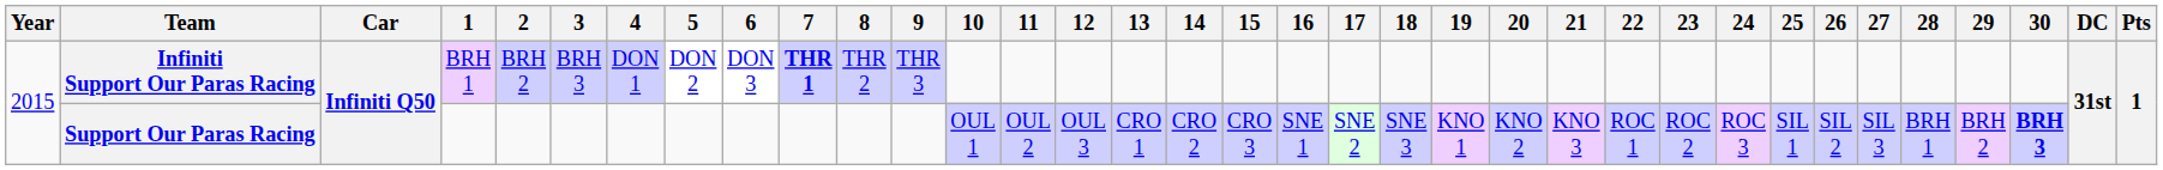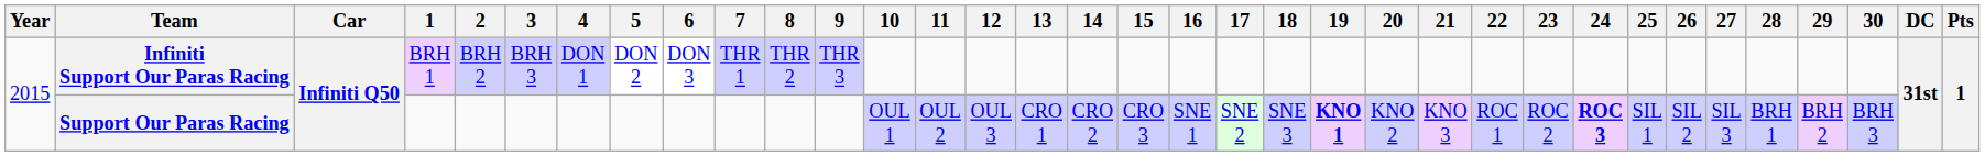 <table class="wikitable" style="text-align:center; font-size:85%">
 <tr>
 <th>Year</th>
 <th>Team</th>
 <th>Car</th>
 <th>1</th>
 <th>2</th>
 <th>3</th>
 <th>4</th>
 <th>5</th>
 <th>6</th>
 <th>7</th>
 <th>8</th>
 <th>9</th>
 <th>10</th>
 <th>11</th>
 <th>12</th>
 <th>13</th>
 <th>14</th>
 <th>15</th>
 <th>16</th>
 <th>17</th>
 <th>18</th>
 <th>19</th>
 <th>20</th>
 <th>21</th>
 <th>22</th>
 <th>23</th>
 <th>24</th>
 <th>25</th>
 <th>26</th>
 <th>27</th>
 <th>28</th>
 <th>29</th>
 <th>30</th>
 <th>DC</th>
 <th>Pts</th>
 </tr>
 <tr>
 <td rowspan=2><a href='#'>2015</a></td>
 <th nowrap><a href='#'>Infiniti<br>Support Our Paras Racing</a></th>
 <th rowspan=2 nowrap><a href='#'>Infiniti Q50</a></th>
 <td style="background:#EFCFFF;"><a href='#'>BRH<br>1</a><br></td>
 <td style="background:#CFCFFF;"><a href='#'>BRH<br>2</a><br></td>
 <td style="background:#CFCFFF;"><a href='#'>BRH<br>3</a><br></td>
 <td style="background:#CFCFFF;"><a href='#'>DON<br>1</a><br></td>
 <td style="background:#FFFFFF;"><a href='#'>DON<br>2</a><br></td>
 <td style="background:#FFFFFF;"><a href='#'>DON<br>3</a><br></td>
-<td style="background:#CFCFFF;"><strong><a href='#'>THR<br>1</a><br></strong></td>
+<td style="background:#CFCFFF;"><a href='#'>THR<br>1</a><br></td>
 <td style="background:#CFCFFF;"><a href='#'>THR<br>2</a><br></td>
 <td style="background:#CFCFFF;"><a href='#'>THR<br>3</a><br></td>
 <td></td>
 <td></td>
 <td></td>
 <td></td>
 <td></td>
 <td></td>
 <td></td>
 <td></td>
 <td></td>
 <td></td>
 <td></td>
 <td></td>
 <td></td>
 <td></td>
 <td></td>
 <td></td>
 <td></td>
 <td></td>
 <td></td>
 <td></td>
 <td></td>
 <th rowspan=2>31st</th>
 <th rowspan=2>1</th>
 </tr>
 <tr>
 <th nowrap><a href='#'>Support Our Paras Racing</a></th>
 <td></td>
 <td></td>
 <td></td>
 <td></td>
 <td></td>
 <td></td>
 <td></td>
 <td></td>
 <td></td>
 <td style="background:#CFCFFF;"><a href='#'>OUL<br>1</a><br></td>
 <td style="background:#CFCFFF;"><a href='#'>OUL<br>2</a><br></td>
 <td style="background:#CFCFFF;"><a href='#'>OUL<br>3</a><br></td>
 <td style="background:#CFCFFF;"><a href='#'>CRO<br>1</a><br></td>
 <td style="background:#CFCFFF;"><a href='#'>CRO<br>2</a><br></td>
 <td style="background:#CFCFFF;"><a href='#'>CRO<br>3</a><br></td>
 <td style="background:#CFCFFF;"><a href='#'>SNE<br>1</a><br></td>
 <td style="background:#DFFFDF;"><a href='#'>SNE<br>2</a><br></td>
 <td style="background:#CFCFFF;"><a href='#'>SNE<br>3</a><br></td>
-<td style="background:#EFCFFF;"><a href='#'>KNO<br>1</a><br></td>
+<td style="background:#EFCFFF;"><strong><a href='#'>KNO<br>1</a><br></strong></td>
 <td style="background:#CFCFFF;"><a href='#'>KNO<br>2</a><br></td>
 <td style="background:#EFCFFF;"><a href='#'>KNO<br>3</a><br></td>
 <td style="background:#CFCFFF;"><a href='#'>ROC<br>1</a><br></td>
 <td style="background:#CFCFFF;"><a href='#'>ROC<br>2</a><br></td>
-<td style="background:#EFCFFF;"><a href='#'>ROC<br>3</a><br></td>
+<td style="background:#EFCFFF;"><strong><a href='#'>ROC<br>3</a><br></strong></td>
 <td style="background:#CFCFFF;"><a href='#'>SIL<br>1</a><br></td>
 <td style="background:#CFCFFF;"><a href='#'>SIL<br>2</a><br></td>
 <td style="background:#CFCFFF;"><a href='#'>SIL<br>3</a><br></td>
 <td style="background:#CFCFFF;"><a href='#'>BRH<br>1</a><br></td>
 <td style="background:#EFCFFF;"><a href='#'>BRH<br>2</a><br></td>
-<td style="background:#CFCFFF;"><strong><a href='#'>BRH<br>3</a><br></strong></td>
+<td style="background:#CFCFFF;"><a href='#'>BRH<br>3</a><br></td>
 </tr>
 </table>
